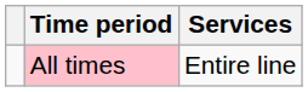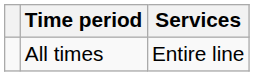 <table class="wikitable">
 <tr>
 <th> </th>
 <th>Time period</th>
 <th>Services</th>
 </tr>
 <tr>
 <td></td>
-<td style="background: pink;">All times</td>
+<td>All times</td>
 <td>Entire line</td>
 </tr>
 </table>
